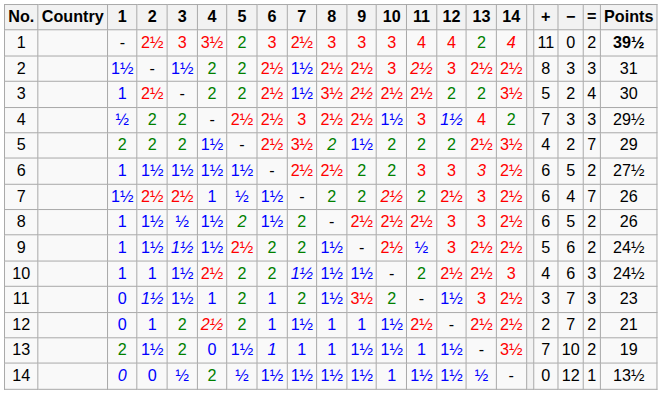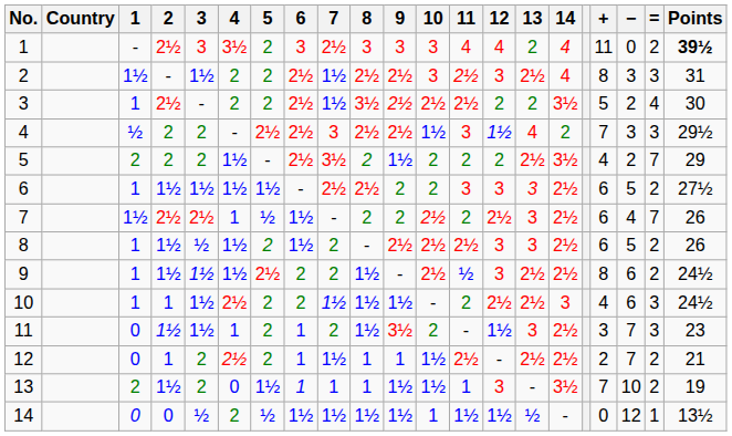 <table class="wikitable" style="text-align:center">
 <tr>
 <th>No.</th>
 <th>Country</th>
 <th>1</th>
 <th>2</th>
 <th>3</th>
 <th>4</th>
 <th>5</th>
 <th>6</th>
 <th>7</th>
 <th>8</th>
 <th>9</th>
 <th>10</th>
 <th>11</th>
 <th>12</th>
 <th>13</th>
 <th>14</th>
 <th></th>
 <th>+</th>
 <th>−</th>
 <th>=</th>
 <th>Points</th>
 </tr>
 <tr>
 <td>1</td>
 <td style="text-align: left"></td>
 <td>-</td>
 <td style="color:red;">2½</td>
 <td style="color:red;">3</td>
 <td style="color:red;">3½</td>
 <td style="color:green;">2</td>
 <td style="color:red;">3</td>
 <td style="color:red;">2½</td>
 <td style="color:red;">3</td>
 <td style="color:red;">3</td>
 <td style="color:red;">3</td>
 <td style="color:red;">4</td>
 <td style="color:red;">4</td>
 <td style="color:green;">2</td>
 <td style="color:red;"><em>4</em></td>
 <th></th>
 <td>11</td>
 <td>0</td>
 <td>2</td>
 <td><strong>39½ </strong></td>
 </tr>
 <tr>
 <td>2</td>
 <td style="text-align: left"></td>
 <td style="color:blue;">1½</td>
 <td>-</td>
 <td style="color:blue;">1½</td>
 <td style="color:green;">2</td>
 <td style="color:green;">2</td>
 <td style="color:red;">2½</td>
 <td style="color:blue;">1½</td>
 <td style="color:red;">2½</td>
 <td style="color:red;">2½</td>
 <td style="color:red;">3</td>
 <td style="color:red;"><em>2½</em></td>
 <td style="color:red;">3</td>
 <td style="color:red;">2½</td>
-<td style="color:red;">2½</td>
+<td style="color:red;">4</td>
 <th></th>
 <td>8</td>
 <td>3</td>
 <td>3</td>
 <td>31</td>
 </tr>
 <tr>
 <td>3</td>
 <td style="text-align: left"></td>
 <td style="color:blue;">1</td>
 <td style="color:red;">2½</td>
 <td>-</td>
 <td style="color:green;">2</td>
 <td style="color:green;">2</td>
 <td style="color:red;">2½</td>
 <td style="color:blue;">1½</td>
 <td style="color:red;">3½</td>
 <td style="color:red;"><em>2½</em></td>
 <td style="color:red;">2½</td>
 <td style="color:red;">2½</td>
 <td style="color:green;">2</td>
 <td style="color:green;">2</td>
 <td style="color:red;">3½</td>
 <th></th>
 <td>5</td>
 <td>2</td>
 <td>4</td>
 <td>30</td>
 </tr>
 <tr>
 <td>4</td>
 <td style="text-align: left"></td>
 <td style="color:blue;">½</td>
 <td style="color:green;">2</td>
 <td style="color:green;">2</td>
 <td>-</td>
 <td style="color:red;">2½</td>
 <td style="color:red;">2½</td>
 <td style="color:red;">3</td>
 <td style="color:red;">2½</td>
 <td style="color:red;">2½</td>
 <td style="color:blue;">1½</td>
 <td style="color:red;">3</td>
 <td style="color:blue;"><em>1½</em></td>
 <td style="color:red;">4</td>
 <td style="color:green;">2</td>
 <th></th>
 <td>7</td>
 <td>3</td>
 <td>3</td>
 <td>29½</td>
 </tr>
 <tr>
 <td>5</td>
 <td style="text-align: left"></td>
 <td style="color:green;">2</td>
 <td style="color:green;">2</td>
 <td style="color:green;">2</td>
 <td style="color:blue;">1½</td>
 <td>-</td>
 <td style="color:red;">2½</td>
 <td style="color:red;">3½</td>
 <td style="color:green;"><em>2</em></td>
 <td style="color:blue;">1½</td>
 <td style="color:green;">2</td>
 <td style="color:green;">2</td>
 <td style="color:green;">2</td>
 <td style="color:red;">2½</td>
 <td style="color:red;">3½</td>
 <th></th>
 <td>4</td>
 <td>2</td>
 <td>7</td>
 <td>29</td>
 </tr>
 <tr>
 <td>6</td>
 <td style="text-align: left"></td>
 <td style="color:blue;">1</td>
 <td style="color:blue;">1½</td>
 <td style="color:blue;">1½</td>
 <td style="color:blue;">1½</td>
 <td style="color:blue;">1½</td>
 <td>-</td>
 <td style="color:red;">2½</td>
 <td style="color:red;">2½</td>
 <td style="color:green;">2</td>
 <td style="color:green;">2</td>
 <td style="color:red;">3</td>
 <td style="color:red;">3</td>
 <td style="color:red;"><em>3</em></td>
 <td style="color:red;">2½</td>
 <th></th>
 <td>6</td>
 <td>5</td>
 <td>2</td>
 <td>27½</td>
 </tr>
 <tr>
 <td>7</td>
 <td style="text-align: left"></td>
 <td style="color:blue;">1½</td>
 <td style="color:red;">2½</td>
 <td style="color:red;">2½</td>
 <td style="color:blue;">1</td>
 <td style="color:blue;">½</td>
 <td style="color:blue;">1½</td>
 <td>-</td>
 <td style="color:green;">2</td>
 <td style="color:green;">2</td>
 <td style="color:red;"><em>2½</em></td>
 <td style="color:green;">2</td>
 <td style="color:red;">2½</td>
 <td style="color:red;">3</td>
 <td style="color:red;">2½</td>
 <th></th>
 <td>6</td>
 <td>4</td>
 <td>7</td>
 <td>26</td>
 </tr>
 <tr>
 <td>8</td>
 <td style="text-align: left"></td>
 <td style="color:blue;">1</td>
 <td style="color:blue;">1½</td>
 <td style="color:blue;">½</td>
 <td style="color:blue;">1½</td>
 <td style="color:green;"><em>2</em></td>
 <td style="color:blue;">1½</td>
 <td style="color:green;">2</td>
 <td>-</td>
 <td style="color:red;">2½</td>
 <td style="color:red;">2½</td>
 <td style="color:red;">2½</td>
 <td style="color:red;">3</td>
 <td style="color:red;">3</td>
 <td style="color:red;">2½</td>
 <th></th>
 <td>6</td>
 <td>5</td>
 <td>2</td>
 <td>26</td>
 </tr>
 <tr>
 <td>9</td>
 <td style="text-align: left"></td>
 <td style="color:blue;">1</td>
 <td style="color:blue;">1½</td>
 <td style="color:blue;"><em>1½</em></td>
 <td style="color:blue;">1½</td>
 <td style="color:red;">2½</td>
 <td style="color:green;">2</td>
 <td style="color:green;">2</td>
 <td style="color:blue;">1½</td>
 <td>-</td>
 <td style="color:red;">2½</td>
 <td style="color:blue;">½</td>
 <td style="color:red;">3</td>
 <td style="color:red;">2½</td>
 <td style="color:red;">2½</td>
 <th></th>
-<td>5</td>
+<td>8</td>
 <td>6</td>
 <td>2</td>
 <td>24½</td>
 </tr>
 <tr>
 <td>10</td>
 <td style="text-align: left"></td>
 <td style="color:blue;">1</td>
 <td style="color:blue;">1</td>
 <td style="color:blue;">1½</td>
 <td style="color:red;">2½</td>
 <td style="color:green;">2</td>
 <td style="color:green;">2</td>
 <td style="color:blue;"><em>1½</em></td>
 <td style="color:blue;">1½</td>
 <td style="color:blue;">1½</td>
 <td>-</td>
 <td style="color:green;">2</td>
 <td style="color:red;">2½</td>
 <td style="color:red;">2½</td>
 <td style="color:red;">3</td>
 <th></th>
 <td>4</td>
 <td>6</td>
 <td>3</td>
 <td>24½</td>
 </tr>
 <tr>
 <td>11</td>
 <td style="text-align: left"></td>
 <td style="color:blue;">0</td>
 <td style="color:blue;"><em>1½</em></td>
 <td style="color:blue;">1½</td>
 <td style="color:blue;">1</td>
 <td style="color:green;">2</td>
 <td style="color:blue;">1</td>
 <td style="color:green;">2</td>
 <td style="color:blue;">1½</td>
 <td style="color:red;">3½</td>
 <td style="color:green;">2</td>
 <td>-</td>
 <td style="color:blue;">1½</td>
 <td style="color:red;">3</td>
 <td style="color:red;">2½</td>
 <th></th>
 <td>3</td>
 <td>7</td>
 <td>3</td>
 <td>23</td>
 </tr>
 <tr>
 <td>12</td>
 <td style="text-align: left"></td>
 <td style="color:blue;">0</td>
 <td style="color:blue;">1</td>
 <td style="color:green;">2</td>
 <td style="color:red;"><em>2½</em></td>
 <td style="color:green;">2</td>
 <td style="color:blue;">1</td>
 <td style="color:blue;">1½</td>
 <td style="color:blue;">1</td>
 <td style="color:blue;">1</td>
 <td style="color:blue;">1½</td>
 <td style="color:red;">2½</td>
 <td>-</td>
 <td style="color:red;">2½</td>
 <td style="color:red;">2½</td>
 <th></th>
 <td>2</td>
 <td>7</td>
 <td>2</td>
 <td>21</td>
 </tr>
 <tr>
 <td>13</td>
 <td style="text-align: left"></td>
 <td style="color:green;">2</td>
 <td style="color:blue;">1½</td>
 <td style="color:green;">2</td>
 <td style="color:blue;">0</td>
 <td style="color:blue;">1½</td>
 <td style="color:blue;"><em>1</em></td>
 <td style="color:blue;">1</td>
 <td style="color:blue;">1</td>
 <td style="color:blue;">1½</td>
 <td style="color:blue;">1½</td>
 <td style="color:blue;">1</td>
-<td style="color:blue;">1½</td>
+<td style="color:red;">3</td>
 <td>-</td>
 <td style="color:red;">3½</td>
 <th></th>
 <td>7</td>
 <td>10</td>
 <td>2</td>
 <td>19</td>
 </tr>
 <tr>
 <td>14</td>
 <td style="text-align: left"></td>
 <td style="color:blue;"><em>0</em></td>
 <td style="color:blue;">0</td>
 <td style="color:blue;">½</td>
 <td style="color:green;">2</td>
 <td style="color:blue;">½</td>
 <td style="color:blue;">1½</td>
 <td style="color:blue;">1½</td>
 <td style="color:blue;">1½</td>
 <td style="color:blue;">1½</td>
 <td style="color:blue;">1</td>
 <td style="color:blue;">1½</td>
 <td style="color:blue;">1½</td>
 <td style="color:blue;">½</td>
 <td>-</td>
 <th></th>
 <td>0</td>
 <td>12</td>
 <td>1</td>
 <td>13½</td>
 </tr>
 </table>
